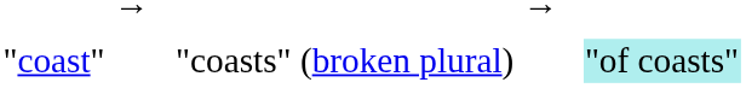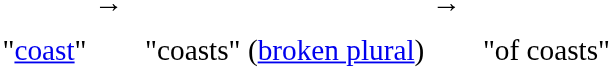 <table>
 <tr>
 <td></td>
 <td>→  </td>
 <td></td>
 <td>→  </td>
 <td></td>
 </tr>
 <tr>
 <td></td>
 <td></td>
 <td></td>
 <td></td>
 <td></td>
 </tr>
 <tr>
 <td>"<a href='#'>coast</a>"</td>
 <td></td>
 <td>"coasts" (<a href='#'>broken plural</a>)</td>
 <td></td>
-<td style="background: paleturquoise;">"of coasts"</td>
+<td>"of coasts"</td>
 </tr>
 </table>
